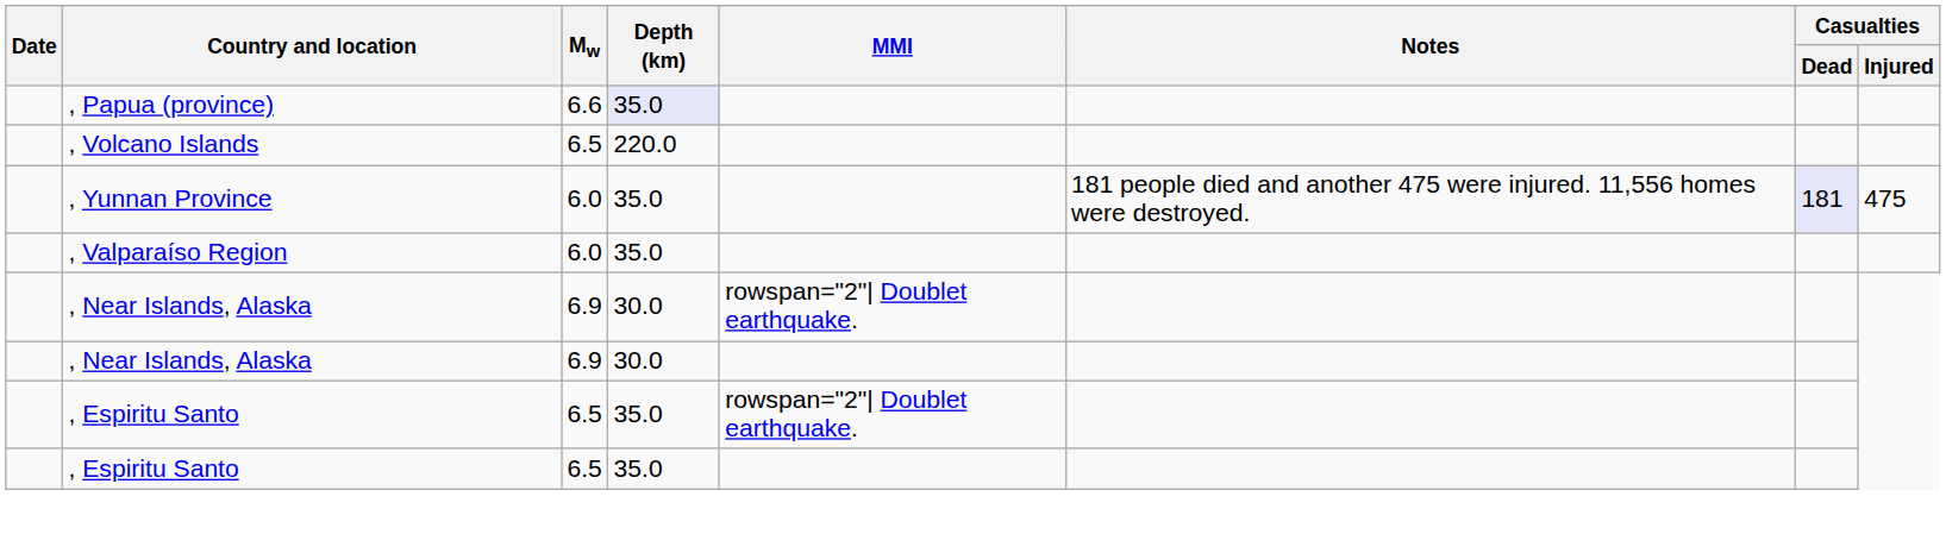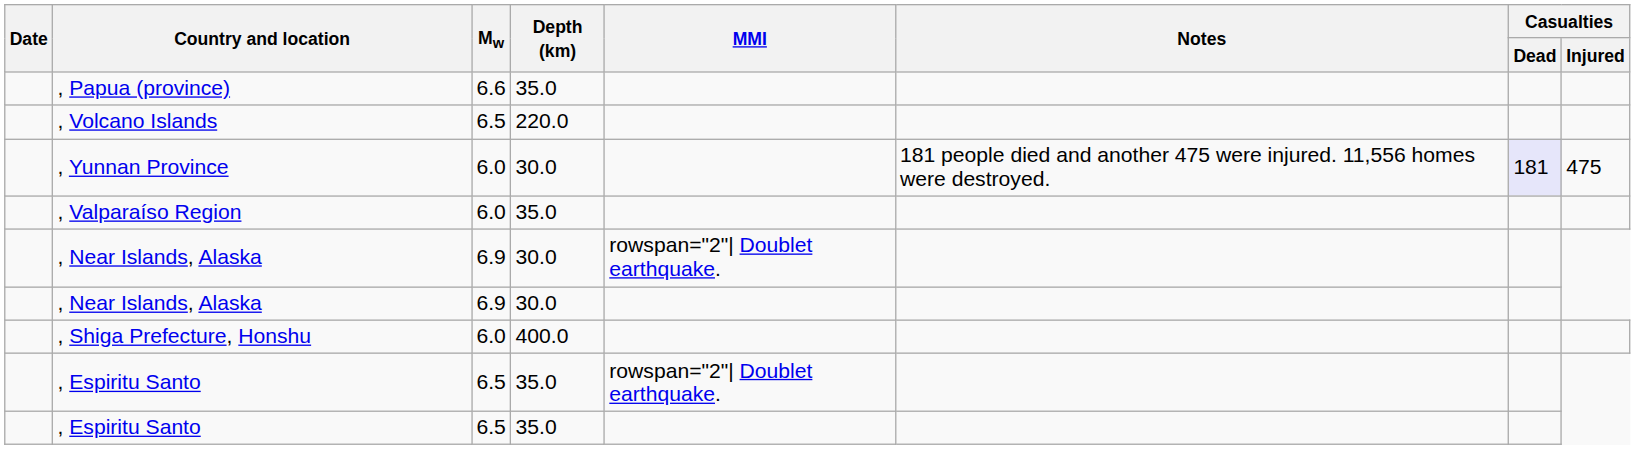 <table class="wikitable sortable sort-under" style="border:1px black; margin-left:1em;">
 <tr>
 <th rowspan="2"><small>Date</small></th>
 <th rowspan="2" style="width: 310px"><small>Country and location</small></th>
 <th rowspan="2"><small>M<sub>w</sub></small></th>
 <th rowspan="2"><small>Depth (km)</small></th>
 <th rowspan="2"><small><a href='#'>MMI</a></small></th>
 <th rowspan="2" class="unsortable"><small>Notes</small></th>
 <th colspan="2"><small>Casualties</small></th>
 </tr>
 <tr>
 <th><small>Dead</small></th>
 <th><small>Injured</small></th>
 </tr>
 <tr>
 <td></td>
 <td>, <a href='#'>Papua (province)</a></td>
 <td>6.6</td>
-<td style="background: lavender;">35.0</td>
+<td>35.0</td>
 <td></td>
 <td></td>
 <td></td>
 <td></td>
 </tr>
 <tr>
 <td></td>
 <td>, <a href='#'>Volcano Islands</a></td>
 <td>6.5</td>
 <td>220.0</td>
 <td></td>
 <td></td>
 <td></td>
 <td></td>
 </tr>
 <tr>
 <td></td>
 <td>, <a href='#'>Yunnan Province</a></td>
 <td>6.0</td>
-<td>35.0</td>
+<td>30.0</td>
 <td></td>
 <td>181 people died and another 475 were injured. 11,556 homes were destroyed.</td>
 <td style="background: lavender;">181</td>
 <td>475</td>
 </tr>
 <tr>
 <td></td>
 <td>, <a href='#'>Valparaíso Region</a></td>
 <td>6.0</td>
 <td>35.0</td>
 <td></td>
 <td></td>
 <td></td>
 <td></td>
 </tr>
 <tr>
 <td></td>
 <td>, <a href='#'>Near Islands</a>, <a href='#'>Alaska</a></td>
 <td>6.9</td>
 <td>30.0</td>
 <td>rowspan="2"| <a href='#'>Doublet earthquake</a>.</td>
 <td></td>
 <td></td>
 </tr>
 <tr>
 <td></td>
 <td>, <a href='#'>Near Islands</a>, <a href='#'>Alaska</a></td>
 <td>6.9</td>
 <td>30.0</td>
 <td></td>
 <td></td>
 <td></td>
 </tr>
 <tr>
 <td></td>
+<td>, <a href='#'>Shiga Prefecture</a>, <a href='#'>Honshu</a></td>
+<td>6.0</td>
+<td>400.0</td>
+<td></td>
+<td></td>
+<td></td>
+<td></td>
+</tr>
+<tr>
+<td></td>
 <td>, <a href='#'>Espiritu Santo</a></td>
 <td>6.5</td>
 <td>35.0</td>
 <td>rowspan="2"| <a href='#'>Doublet earthquake</a>.</td>
 <td></td>
 <td></td>
 </tr>
 <tr>
 <td></td>
 <td>, <a href='#'>Espiritu Santo</a></td>
 <td>6.5</td>
 <td>35.0</td>
 <td></td>
 <td></td>
 <td></td>
 </tr>
 </table>
